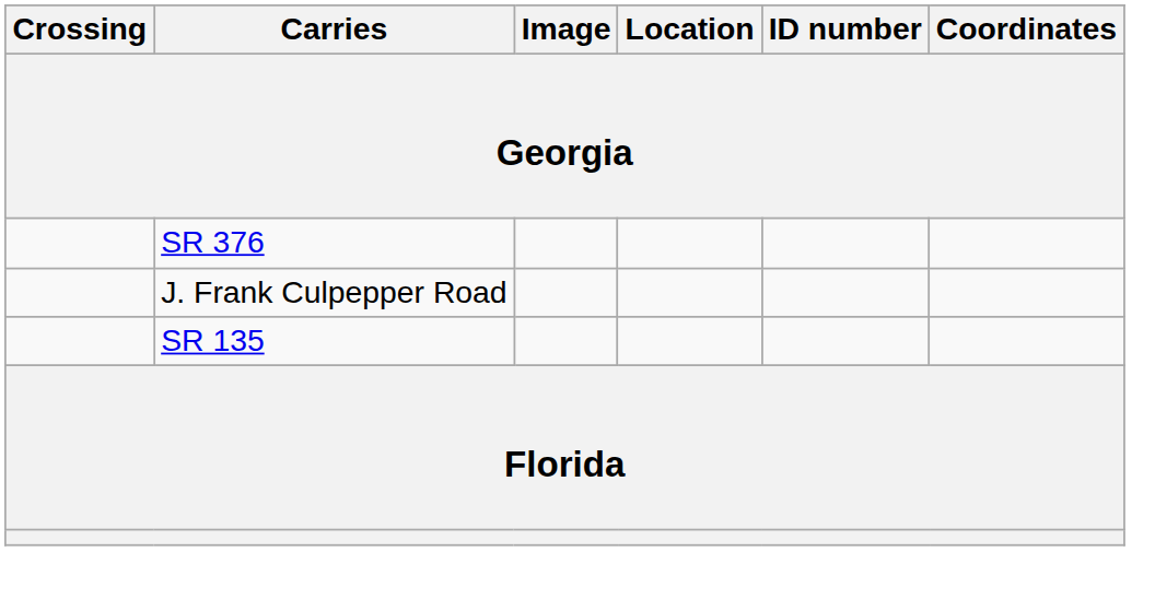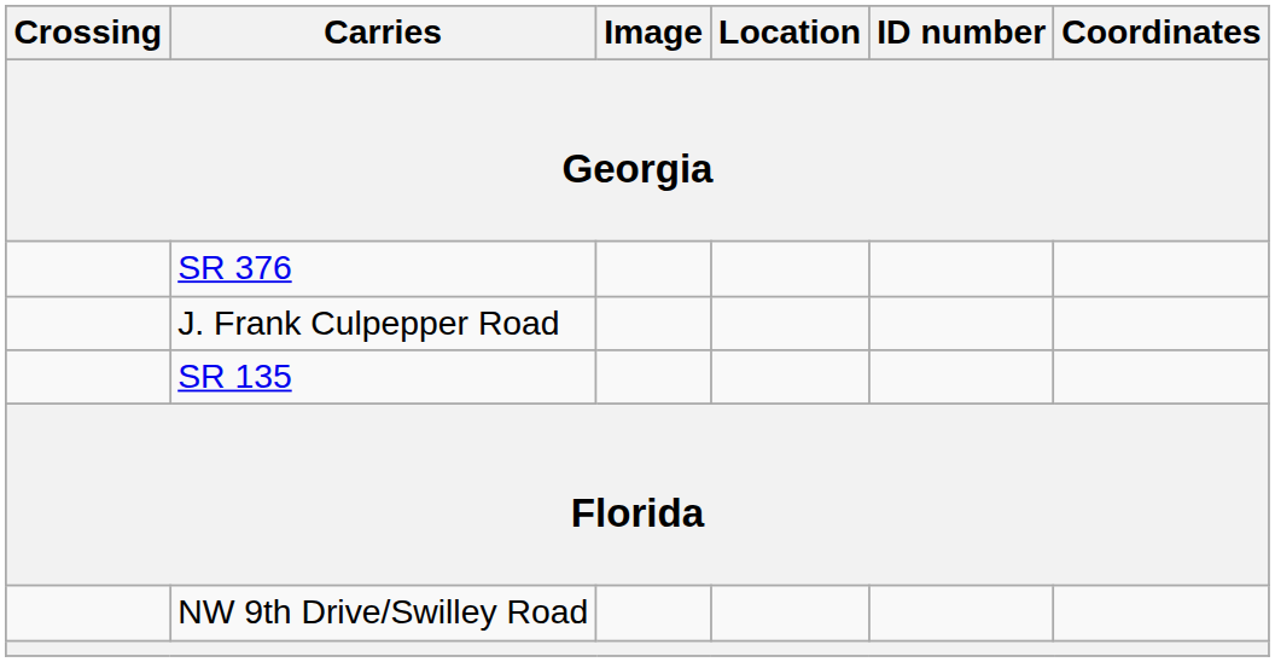 <table class=wikitable>
 <tr>
 <th>Crossing</th>
 <th>Carries</th>
 <th>Image</th>
 <th>Location</th>
 <th>ID number</th>
 <th>Coordinates</th>
 </tr>
 <tr>
 <th colspan=6><br><h3>Georgia</h3></th>
 </tr>
 <tr>
 <td></td>
 <td> <a href='#'>SR 376</a></td>
 <td></td>
 <td></td>
 <td></td>
 <td></td>
 </tr>
 <tr>
 <td></td>
 <td>J. Frank Culpepper Road</td>
 <td></td>
 <td></td>
 <td></td>
 <td></td>
 </tr>
 <tr>
 <td></td>
 <td> <a href='#'>SR 135</a></td>
 <td></td>
 <td></td>
 <td></td>
 <td></td>
 </tr>
 <tr>
 <th colspan=6><br><h3>Florida</h3></th>
 </tr>
 <tr>
+<td></td>
+<td>NW 9th Drive/Swilley Road</td>
+<td></td>
+<td></td>
+<td></td>
+<td></td>
+</tr>
+<tr>
 <th colspan=6></th>
 </tr>
 </table>
